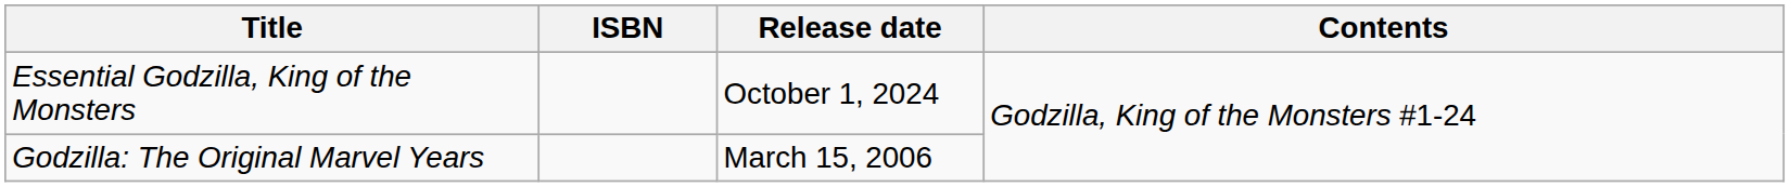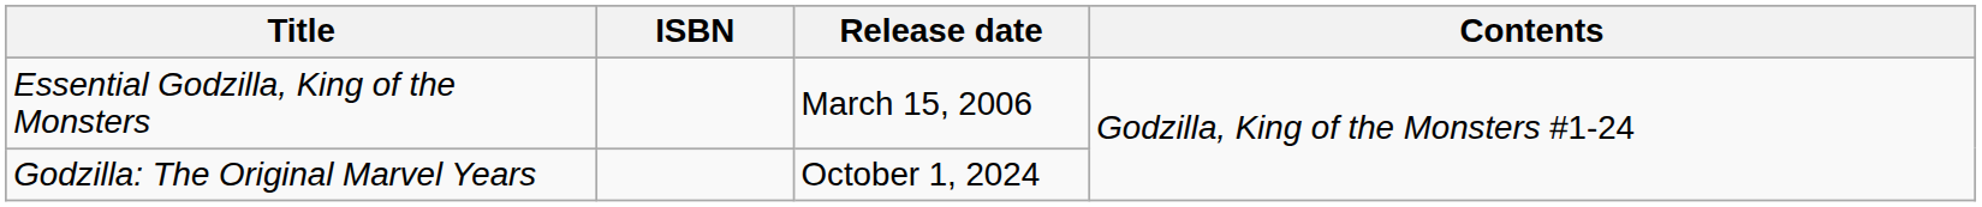 <table class="wikitable" width="75%">
 <tr>
 <th width=30%>Title</th>
 <th width=10%>ISBN</th>
 <th width=15%>Release date</th>
 <th width=45%>Contents</th>
 </tr>
 <tr>
 <td><em>Essential Godzilla, King of the Monsters</em></td>
 <td></td>
-<td>October 1, 2024</td>
+<td>March 15, 2006</td>
 <td rowspan= 2><em>Godzilla, King of the Monsters</em> #1-24</td>
 </tr>
 <tr>
 <td><em>Godzilla: The Original Marvel Years</em></td>
 <td></td>
-<td>March 15, 2006</td>
+<td>October 1, 2024</td>
 </tr>
 </table>
